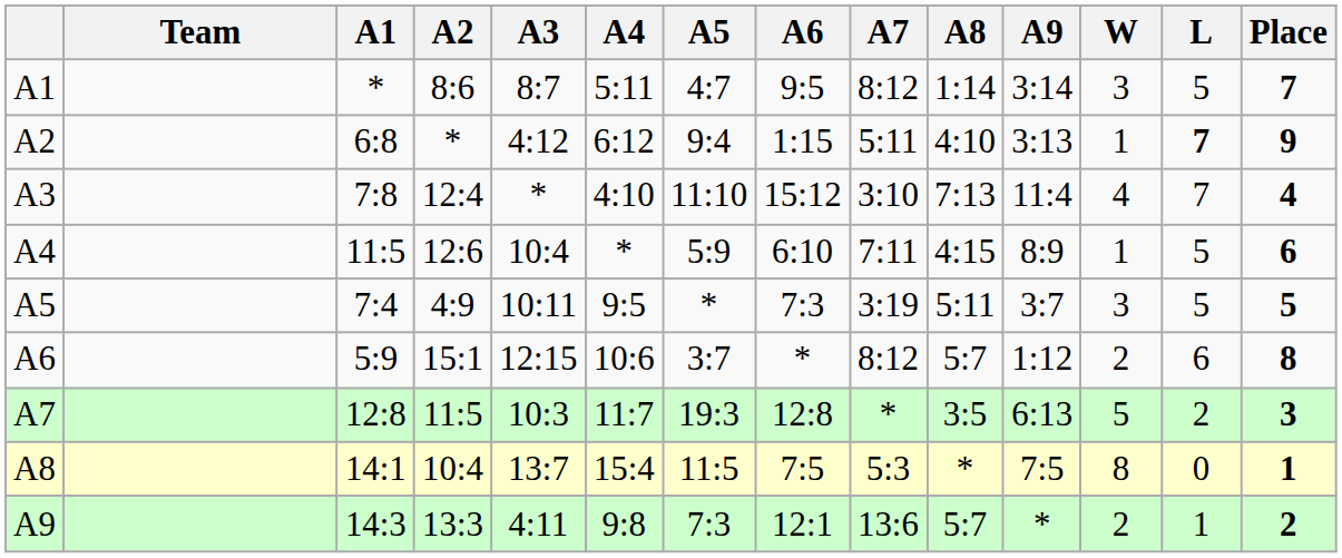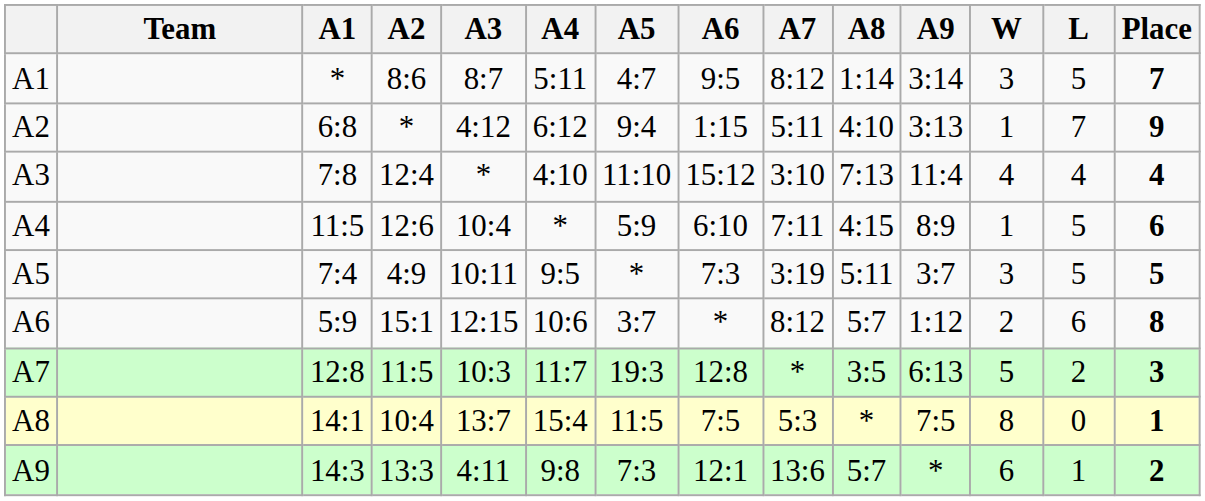 <table class="wikitable" style="text-align:center;">
 <tr>
 <th></th>
 <th width="120">Team</th>
 <th width="25">A1</th>
 <th width="25">A2</th>
 <th width="25">A3</th>
 <th width="25">A4</th>
 <th width="25">A5</th>
 <th width="25">A6</th>
 <th width="25">A7</th>
 <th width="25">A8</th>
 <th width="25">A9</th>
 <th width="30">W</th>
 <th width="30">L</th>
 <th>Place</th>
 </tr>
 <tr>
 <td>A1</td>
 <td align="left"></td>
 <td>*</td>
 <td>8:6</td>
 <td>8:7</td>
 <td>5:11</td>
 <td>4:7</td>
 <td>9:5</td>
 <td>8:12</td>
 <td>1:14</td>
 <td>3:14</td>
 <td>3</td>
 <td>5</td>
 <td><strong>7</strong></td>
 </tr>
 <tr>
 <td>A2</td>
 <td align="left"></td>
 <td>6:8</td>
 <td>*</td>
 <td>4:12</td>
 <td>6:12</td>
 <td>9:4</td>
 <td>1:15</td>
 <td>5:11</td>
 <td>4:10</td>
 <td>3:13</td>
 <td>1</td>
-<td><strong>7</strong></td>
+<td>7</td>
 <td><strong>9</strong></td>
 </tr>
 <tr>
 <td>A3</td>
 <td align="left"></td>
 <td>7:8</td>
 <td>12:4</td>
 <td>*</td>
 <td>4:10</td>
 <td>11:10</td>
 <td>15:12</td>
 <td>3:10</td>
 <td>7:13</td>
 <td>11:4</td>
 <td>4</td>
-<td>7</td>
+<td>4</td>
 <td><strong>4</strong></td>
 </tr>
 <tr>
 <td>A4</td>
 <td align="left"></td>
 <td>11:5</td>
 <td>12:6</td>
 <td>10:4</td>
 <td>*</td>
 <td>5:9</td>
 <td>6:10</td>
 <td>7:11</td>
 <td>4:15</td>
 <td>8:9</td>
 <td>1</td>
 <td>5</td>
 <td><strong>6</strong></td>
 </tr>
 <tr>
 <td>A5</td>
 <td align="left"></td>
 <td>7:4</td>
 <td>4:9</td>
 <td>10:11</td>
 <td>9:5</td>
 <td>*</td>
 <td>7:3</td>
 <td>3:19</td>
 <td>5:11</td>
 <td>3:7</td>
 <td>3</td>
 <td>5</td>
 <td><strong>5</strong></td>
 </tr>
 <tr>
 <td>A6</td>
 <td align="left"></td>
 <td>5:9</td>
 <td>15:1</td>
 <td>12:15</td>
 <td>10:6</td>
 <td>3:7</td>
 <td>*</td>
 <td>8:12</td>
 <td>5:7</td>
 <td>1:12</td>
 <td>2</td>
 <td>6</td>
 <td><strong>8</strong></td>
 </tr>
 <tr bgcolor="#ccffcc">
 <td>A7</td>
 <td align="left"></td>
 <td>12:8</td>
 <td>11:5</td>
 <td>10:3</td>
 <td>11:7</td>
 <td>19:3</td>
 <td>12:8</td>
 <td>*</td>
 <td>3:5</td>
 <td>6:13</td>
 <td>5</td>
 <td>2</td>
 <td><strong>3</strong></td>
 </tr>
 <tr bgcolor="#ffffcc">
 <td>A8</td>
 <td align="left"></td>
 <td>14:1</td>
 <td>10:4</td>
 <td>13:7</td>
 <td>15:4</td>
 <td>11:5</td>
 <td>7:5</td>
 <td>5:3</td>
 <td>*</td>
 <td>7:5</td>
 <td>8</td>
 <td>0</td>
 <td><strong>1</strong></td>
 </tr>
 <tr bgcolor="#ccffcc">
 <td>A9</td>
 <td align="left"></td>
 <td>14:3</td>
 <td>13:3</td>
 <td>4:11</td>
 <td>9:8</td>
 <td>7:3</td>
 <td>12:1</td>
 <td>13:6</td>
 <td>5:7</td>
 <td>*</td>
-<td>2</td>
+<td>6</td>
 <td>1</td>
 <td><strong>2</strong></td>
 </tr>
 </table>
